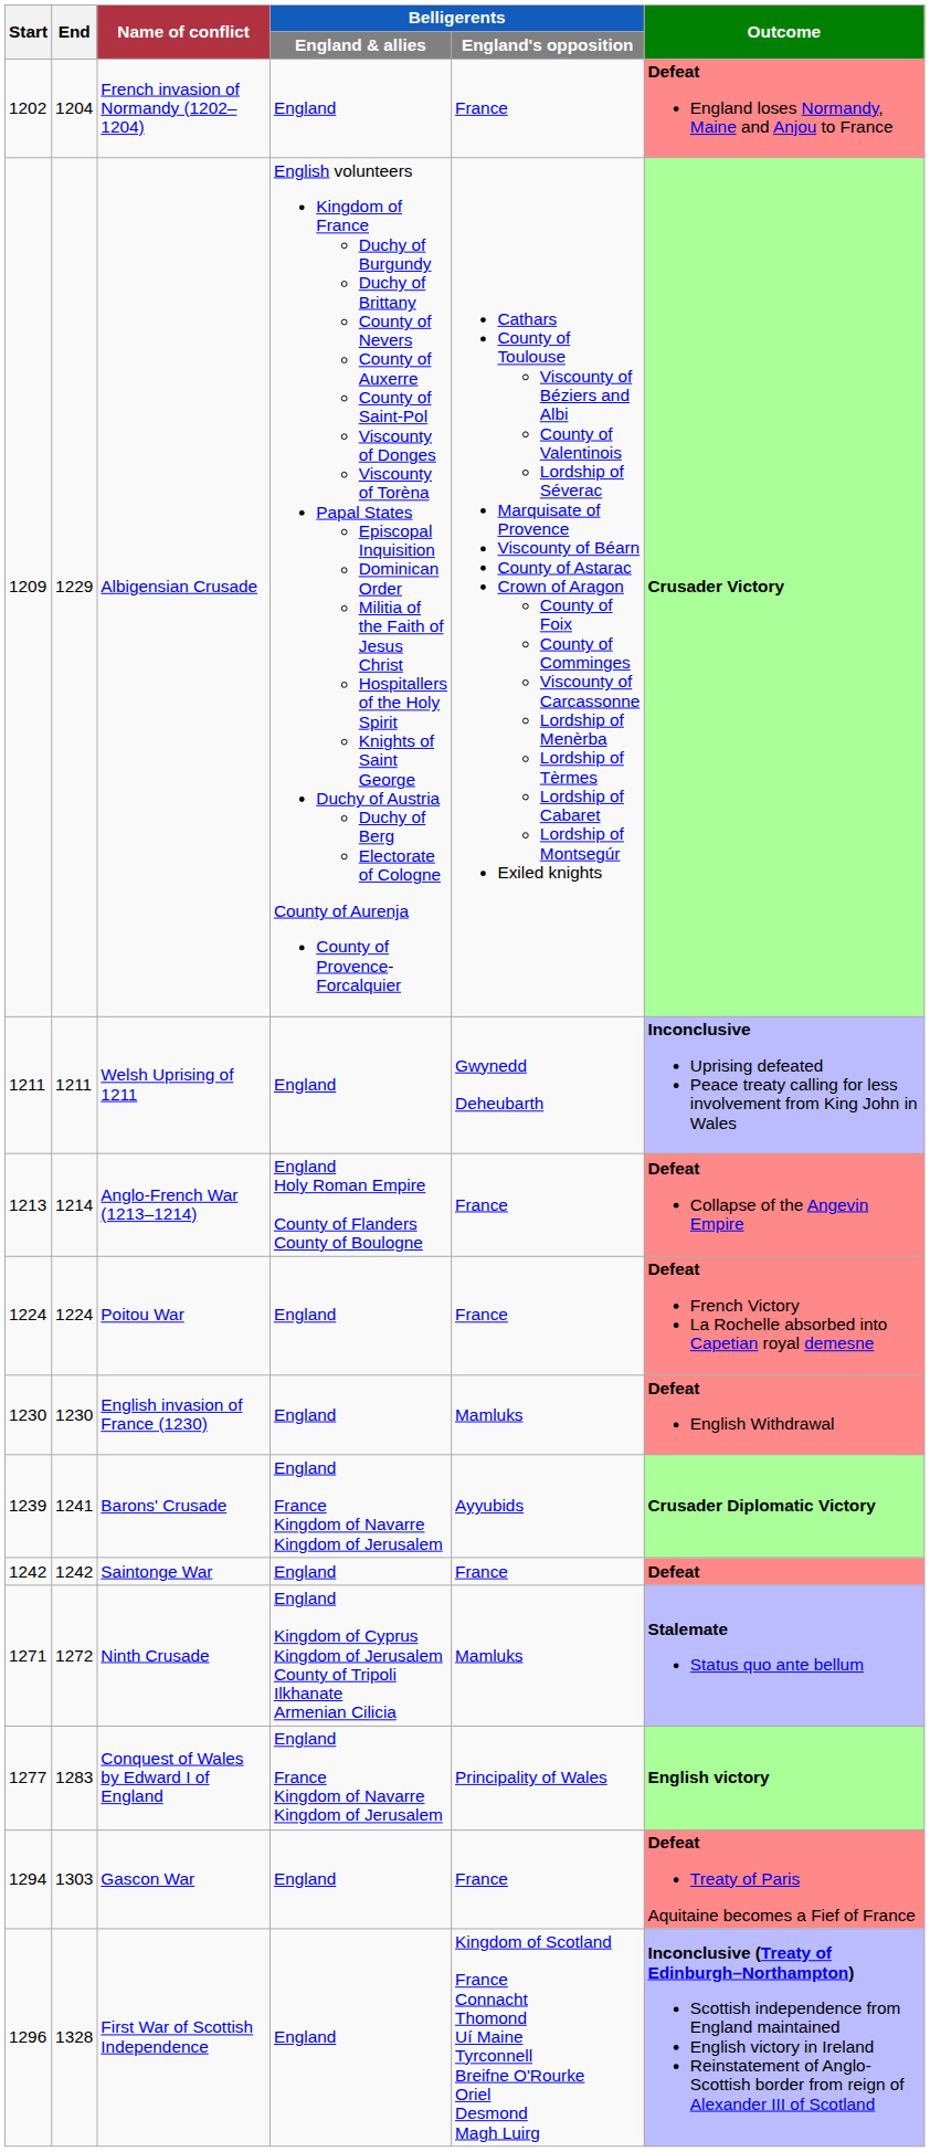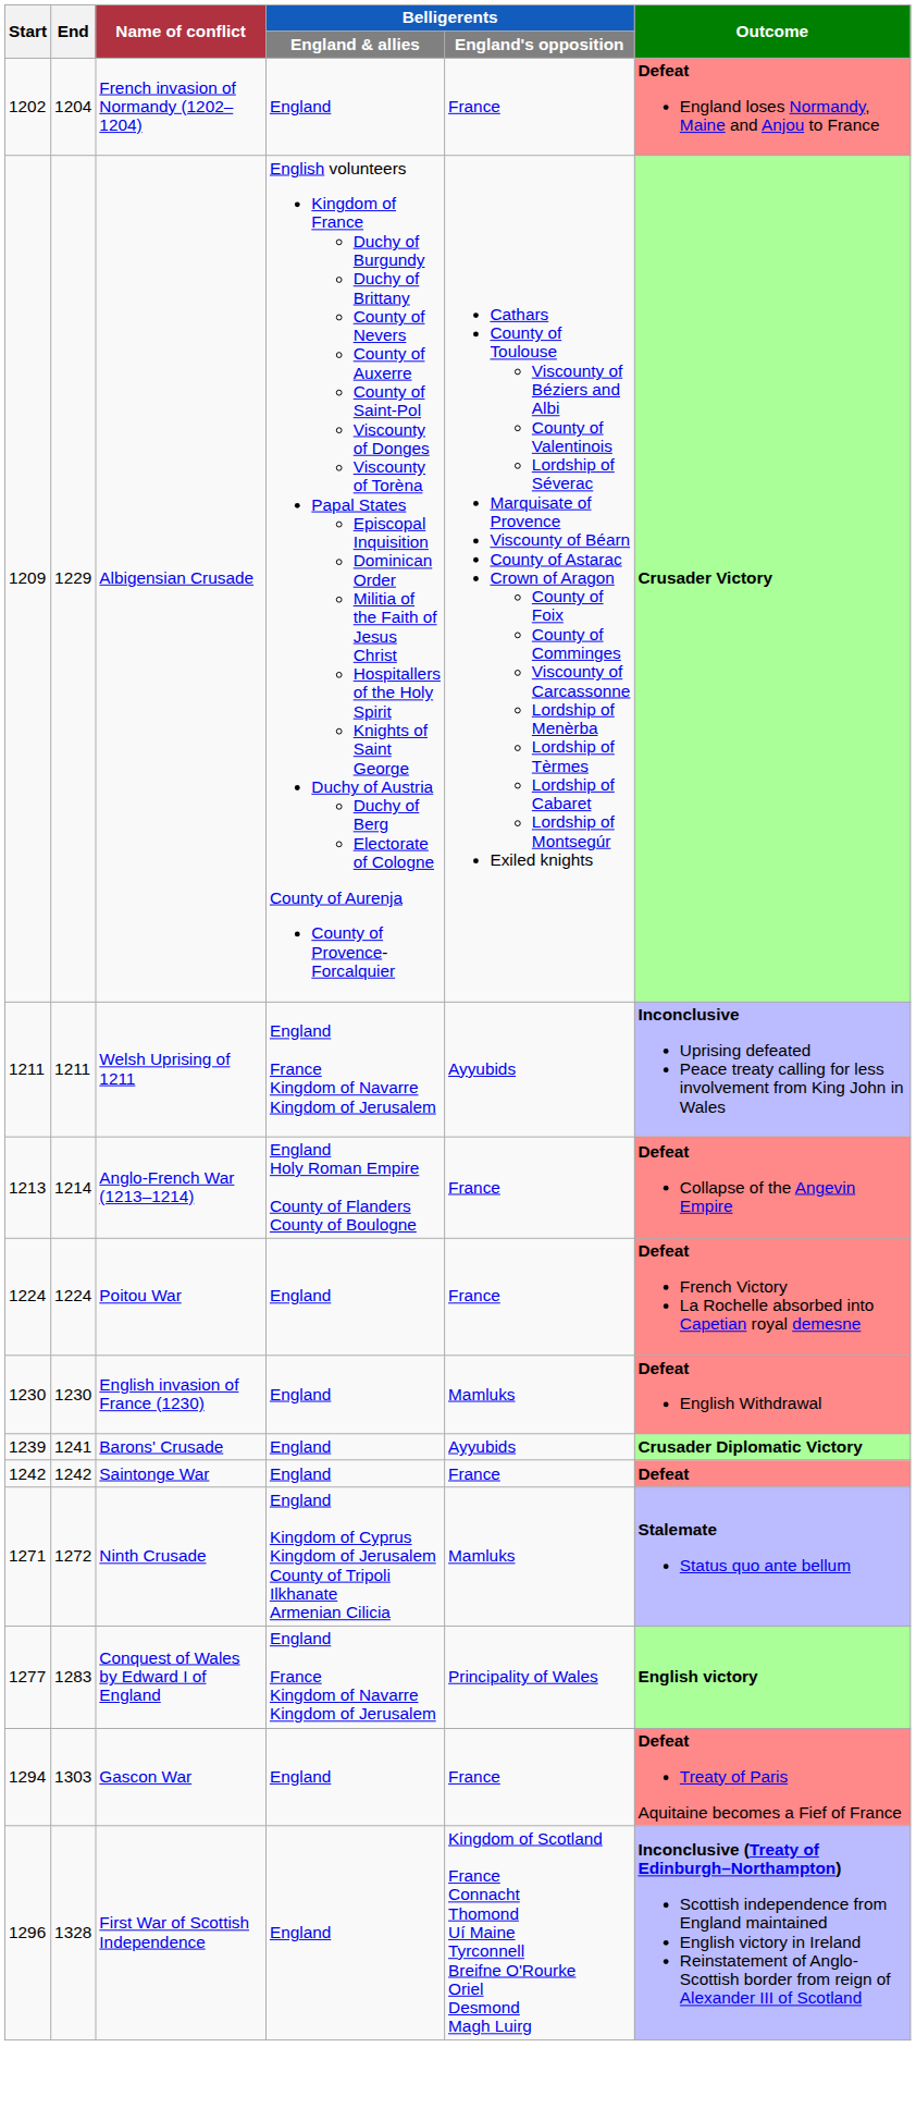 <table class="wikitable sortable">
 <tr>
 <th rowspan="2" width="25">Start</th>
 <th rowspan="2" width="25">End</th>
 <th style="color: white; background:#b0313f;" rowspan="2" width="200" class="unsortable">Name of conflict</th>
 <th style="color: white; background:#115cbc;" colspan="2" class="unsortable">Belligerents</th>
 <th style="color: white; background:green;" rowspan="2" width="350" class="unsortable">Outcome</th>
 </tr>
 <tr>
 <th style="color: white; background:gray;" width="160" class="unsortable">England & allies</th>
 <th style="color: white; background:gray;" width="160" class="unsortable">England's opposition</th>
 </tr>
 <tr>
 <td>1202</td>
 <td>1204</td>
 <td><a href='#'>French invasion of Normandy (1202–1204)</a></td>
 <td> <a href='#'>England</a></td>
 <td> <a href='#'>France</a></td>
 <td style="Background:#F88"><strong>Defeat</strong><br><ul><li>England loses <a href='#'>Normandy</a>, <a href='#'>Maine</a> and <a href='#'>Anjou</a> to France</li></ul></td>
 </tr>
 <tr>
 <td>1209</td>
 <td>1229</td>
 <td><a href='#'>Albigensian Crusade</a></td>
 <td> <a href='#'>English</a> volunteers<br><ul><li> <a href='#'>Kingdom of France</a><ul><li> <a href='#'>Duchy of Burgundy</a></li><li> <a href='#'>Duchy of Brittany</a></li><li> <a href='#'>County of Nevers</a></li><li> <a href='#'>County of Auxerre</a></li><li> <a href='#'>County of Saint-Pol</a></li><li> <a href='#'>Viscounty of Donges</a></li><li> <a href='#'>Viscounty of Torèna</a></li></ul></li><li> <a href='#'>Papal States</a><ul><li><a href='#'>Episcopal Inquisition</a></li><li> <a href='#'>Dominican Order</a></li><li> <a href='#'>Militia of the Faith of Jesus Christ</a></li><li> <a href='#'>Hospitallers of the Holy Spirit</a></li><li> <a href='#'>Knights of Saint George</a></li></ul></li><li> <a href='#'>Duchy of Austria</a><ul><li> <a href='#'>Duchy of Berg</a></li><li> <a href='#'>Electorate of Cologne</a></li></ul></li></ul> <a href='#'>County of Aurenja</a><ul><li> <a href='#'>County of Provence</a>-<a href='#'>Forcalquier</a></li></ul></td>
 <td><br><ul><li> <a href='#'>Cathars</a></li><li> <a href='#'>County of Toulouse</a><ul><li> <a href='#'>Viscounty of Béziers and Albi</a></li><li> <a href='#'>County of Valentinois</a></li><li> <a href='#'>Lordship of Séverac</a></li></ul></li><li> <a href='#'>Marquisate of Provence</a></li><li> <a href='#'>Viscounty of Béarn</a></li><li> <a href='#'>County of Astarac</a></li><li> <a href='#'>Crown of Aragon</a><ul><li> <a href='#'>County of Foix</a></li><li> <a href='#'>County of Comminges</a></li><li> <a href='#'>Viscounty of Carcassonne</a></li><li> <a href='#'>Lordship of Menèrba</a></li><li> <a href='#'>Lordship of Tèrmes</a></li><li><a href='#'>Lordship of Cabaret</a></li><li><a href='#'>Lordship of Montsegúr</a></li></ul></li><li>Exiled knights</li></ul></td>
 <td style="Background:#AF9"><strong>Crusader Victory</strong></td>
 </tr>
 <tr>
 <td>1211</td>
 <td>1211</td>
 <td><a href='#'>Welsh Uprising of 1211</a></td>
-<td> <a href='#'>England</a></td>
-<td> <a href='#'>Gwynedd</a><br><br> <a href='#'>Deheubarth</a><br></td>
+<td> <a href='#'>England</a><br><br> <a href='#'>France</a><br>  <a href='#'>Kingdom of Navarre</a><br> <a href='#'>Kingdom of Jerusalem</a></td>
+<td> <a href='#'>Ayyubids</a></td>
 <td style="Background:#BBF"><strong>Inconclusive</strong><br><ul><li>Uprising defeated</li><li>Peace treaty calling for less involvement from King John in Wales</li></ul></td>
 </tr>
 <tr>
 <td>1213</td>
 <td>1214</td>
 <td><a href='#'>Anglo-French War (1213–1214)</a></td>
 <td> <a href='#'>England</a><br> <a href='#'>Holy Roman Empire</a><br><br> <a href='#'>County of Flanders</a><br>  <a href='#'>County of Boulogne</a></td>
 <td> <a href='#'>France</a></td>
 <td style="Background:#F88"><strong>Defeat</strong><br><ul><li>Collapse of the <a href='#'>Angevin Empire</a></li></ul></td>
 </tr>
 <tr>
 <td>1224</td>
 <td>1224</td>
 <td><a href='#'>Poitou War</a></td>
 <td> <a href='#'>England</a></td>
 <td> <a href='#'>France</a></td>
 <td style="Background:#F88"><strong>Defeat</strong><br><ul><li>French Victory</li><li>La Rochelle absorbed into<br><a href='#'>Capetian</a> royal <a href='#'>demesne</a></li></ul></td>
 </tr>
 <tr>
 <td>1230</td>
 <td>1230</td>
 <td><a href='#'>English invasion of France (1230)</a></td>
 <td> <a href='#'>England</a></td>
 <td> <a href='#'>Mamluks</a></td>
 <td style="Background:#F88"><strong>Defeat</strong><br><ul><li>English Withdrawal</li></ul></td>
 </tr>
 <tr>
 <td>1239</td>
 <td>1241</td>
 <td><a href='#'>Barons' Crusade</a></td>
-<td> <a href='#'>England</a><br><br> <a href='#'>France</a><br>  <a href='#'>Kingdom of Navarre</a><br> <a href='#'>Kingdom of Jerusalem</a></td>
+<td> <a href='#'>England</a></td>
 <td> <a href='#'>Ayyubids</a></td>
 <td style="Background:#AF9"><strong>Crusader Diplomatic Victory</strong></td>
 </tr>
 <tr>
 <td>1242</td>
 <td>1242</td>
 <td><a href='#'>Saintonge War</a></td>
 <td> <a href='#'>England</a></td>
 <td> <a href='#'>France</a></td>
 <td style="Background:#F88"><strong>Defeat</strong></td>
 </tr>
 <tr>
 <td>1271</td>
 <td>1272</td>
 <td><a href='#'>Ninth Crusade</a></td>
 <td> <a href='#'>England</a><br><br> <a href='#'>Kingdom of Cyprus</a><br>  <a href='#'>Kingdom of Jerusalem</a><br>  <a href='#'>County of Tripoli</a><br> <a href='#'>Ilkhanate</a><br>  <a href='#'>Armenian Cilicia</a></td>
 <td> <a href='#'>Mamluks</a></td>
 <td style="Background:#BBF"><strong>Stalemate</strong><br><ul><li><a href='#'>Status quo ante bellum</a></li></ul></td>
 </tr>
 <tr>
 <td>1277</td>
 <td>1283</td>
 <td><a href='#'>Conquest of Wales by Edward I of England</a></td>
 <td> <a href='#'>England</a><br><br> <a href='#'>France</a><br>  <a href='#'>Kingdom of Navarre</a><br> <a href='#'>Kingdom of Jerusalem</a></td>
 <td> <a href='#'>Principality of Wales</a></td>
 <td style="Background:#AF9"><strong>English victory</strong></td>
 </tr>
 <tr>
 <td>1294</td>
 <td>1303</td>
 <td><a href='#'>Gascon War</a></td>
 <td> <a href='#'>England</a></td>
 <td> <a href='#'>France</a></td>
 <td style="Background:#F88"><strong>Defeat</strong><br><ul><li><a href='#'>Treaty of Paris</a></li></ul>Aquitaine becomes a Fief of France</td>
 </tr>
 <tr>
 <td>1296</td>
 <td>1328</td>
 <td><a href='#'>First War of Scottish Independence</a></td>
 <td> <a href='#'>England</a></td>
 <td> <a href='#'>Kingdom of Scotland</a><br><br> <a href='#'>France</a><br> <a href='#'>Connacht</a><br> <a href='#'>Thomond</a><br> <a href='#'>Uí Maine</a><br>  <a href='#'>Tyrconnell</a><br> <a href='#'>Breifne O'Rourke</a><br> <a href='#'>Oriel</a><br> <a href='#'>Desmond</a><br> <a href='#'>Magh Luirg</a></td>
 <td style="Background:#BBF"><strong>Inconclusive (<a href='#'>Treaty of Edinburgh–Northampton</a>)</strong><br><ul><li>Scottish independence from England maintained</li><li>English victory in Ireland</li><li>Reinstatement of Anglo-Scottish border from reign of <a href='#'>Alexander III of Scotland</a></li></ul></td>
 </tr>
 </table>
